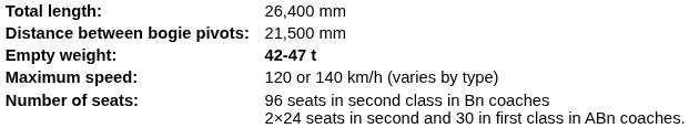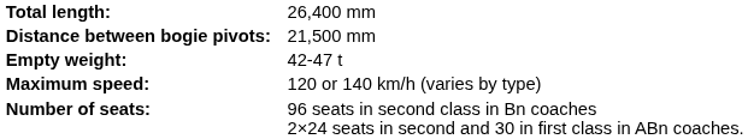 <table>
 <tr valign="top">
 <td width="250"><strong>Total length:</strong></td>
 <td>26,400 mm</td>
 </tr>
 <tr valign="top">
 <td><strong>Distance between bogie pivots:</strong></td>
 <td>21,500 mm</td>
 </tr>
 <tr valign="top">
 <td><strong>Empty weight:</strong></td>
-<td><strong>42-47 t</strong></td>
+<td>42-47 t</td>
 </tr>
 <tr valign="top">
 <td><strong>Maximum speed:</strong></td>
 <td>120 or 140 km/h (varies by type)</td>
 </tr>
 <tr valign="top">
 <td><strong>Number of seats:</strong></td>
 <td>96 seats in second class in Bn coaches <br> 2×24 seats in second and 30 in first class in ABn coaches.</td>
 </tr>
 </table>
